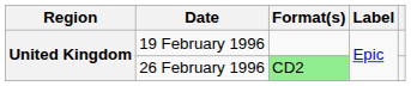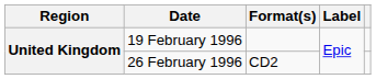 <table class="wikitable plainrowheaders">
 <tr>
 <th scope="col">Region</th>
 <th scope="col">Date</th>
 <th scope="col">Format(s)</th>
 <th scope="col">Label</th>
 <th scope="col"></th>
 </tr>
 <tr>
 <th scope="row" rowspan="2">United Kingdom</th>
 <td>19 February 1996</td>
 <td></td>
 <td rowspan="2"><a href='#'>Epic</a></td>
 <td></td>
 </tr>
 <tr>
 <td>26 February 1996</td>
-<td style="background: lightgreen;">CD2</td>
+<td>CD2</td>
 <td></td>
 </tr>
 </table>
